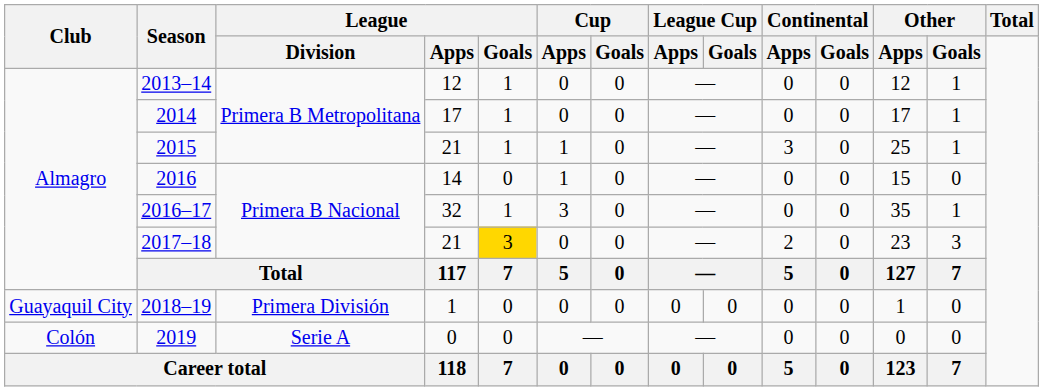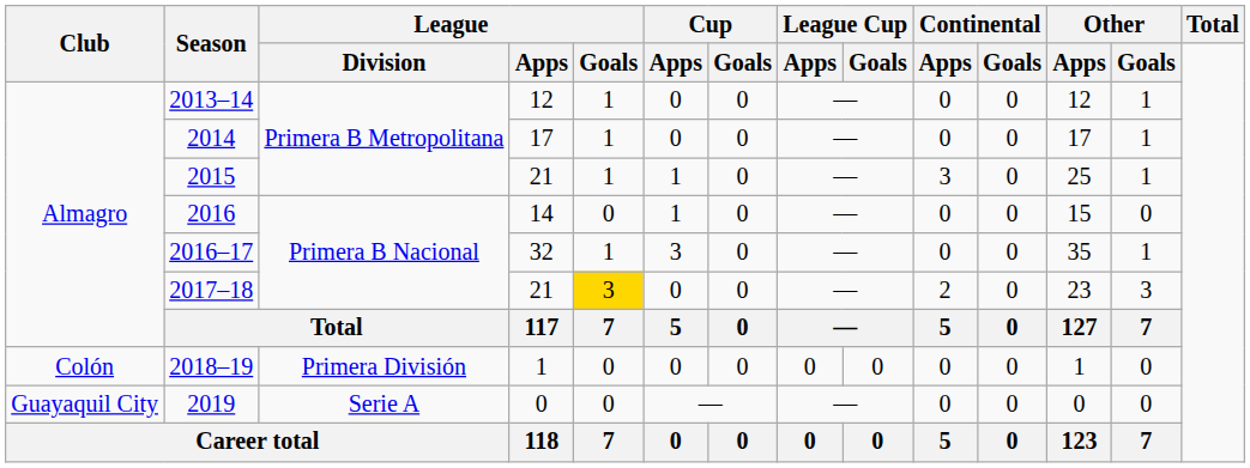 <table class="wikitable" style="text-align:center">
 <tr>
 <th rowspan="2">Club</th>
 <th rowspan="2">Season</th>
 <th colspan="3">League</th>
 <th colspan="2">Cup</th>
 <th colspan="2">League Cup</th>
 <th colspan="2">Continental</th>
 <th colspan="2">Other</th>
 <th colspan="2">Total</th>
 </tr>
 <tr>
 <th>Division</th>
 <th>Apps</th>
 <th>Goals</th>
 <th>Apps</th>
 <th>Goals</th>
 <th>Apps</th>
 <th>Goals</th>
 <th>Apps</th>
 <th>Goals</th>
 <th>Apps</th>
 <th>Goals</th>
 </tr>
 <tr>
 <td rowspan="7"><a href='#'>Almagro</a></td>
 <td><a href='#'>2013–14</a></td>
 <td rowspan="3"><a href='#'>Primera B Metropolitana</a></td>
 <td>12</td>
 <td>1</td>
 <td>0</td>
 <td>0</td>
 <td colspan="2">—</td>
 <td>0</td>
 <td>0</td>
 <td>12</td>
 <td>1</td>
 </tr>
 <tr>
 <td><a href='#'>2014</a></td>
 <td>17</td>
 <td>1</td>
 <td>0</td>
 <td>0</td>
 <td colspan="2">—</td>
 <td>0</td>
 <td>0</td>
 <td>17</td>
 <td>1</td>
 </tr>
 <tr>
 <td><a href='#'>2015</a></td>
 <td>21</td>
 <td>1</td>
 <td>1</td>
 <td>0</td>
 <td colspan="2">—</td>
 <td>3</td>
 <td>0</td>
 <td>25</td>
 <td>1</td>
 </tr>
 <tr>
 <td><a href='#'>2016</a></td>
 <td rowspan="3"><a href='#'>Primera B Nacional</a></td>
 <td>14</td>
 <td>0</td>
 <td>1</td>
 <td>0</td>
 <td colspan="2">—</td>
 <td>0</td>
 <td>0</td>
 <td>15</td>
 <td>0</td>
 </tr>
 <tr>
 <td><a href='#'>2016–17</a></td>
 <td>32</td>
 <td>1</td>
 <td>3</td>
 <td>0</td>
 <td colspan="2">—</td>
 <td>0</td>
 <td>0</td>
 <td>35</td>
 <td>1</td>
 </tr>
 <tr>
 <td><a href='#'>2017–18</a></td>
 <td>21</td>
 <td style="background: gold;">3</td>
 <td>0</td>
 <td>0</td>
 <td colspan="2">—</td>
 <td>2</td>
 <td>0</td>
 <td>23</td>
 <td>3</td>
 </tr>
 <tr>
 <th colspan="2">Total</th>
 <th>117</th>
 <th>7</th>
 <th>5</th>
 <th>0</th>
 <th colspan="2">—</th>
 <th>5</th>
 <th>0</th>
 <th>127</th>
 <th>7</th>
 </tr>
 <tr>
-<td rowspan="1"><a href='#'>Guayaquil City</a></td>
+<td rowspan="1"><a href='#'>Colón</a></td>
 <td><a href='#'>2018–19</a></td>
 <td rowspan="1"><a href='#'>Primera División</a></td>
 <td>1</td>
 <td>0</td>
 <td>0</td>
 <td>0</td>
 <td>0</td>
 <td>0</td>
 <td>0</td>
 <td>0</td>
 <td>1</td>
 <td>0</td>
 </tr>
 <tr>
-<td rowspan="1"><a href='#'>Colón</a></td>
+<td rowspan="1"><a href='#'>Guayaquil City</a></td>
 <td><a href='#'>2019</a></td>
 <td rowspan="1"><a href='#'>Serie A</a></td>
 <td>0</td>
 <td>0</td>
 <td colspan="2">—</td>
 <td colspan="2">—</td>
 <td>0</td>
 <td>0</td>
 <td>0</td>
 <td>0</td>
 </tr>
 <tr>
 <th colspan="3">Career total</th>
 <th>118</th>
 <th>7</th>
 <th>0</th>
 <th>0</th>
 <th>0</th>
 <th>0</th>
 <th>5</th>
 <th>0</th>
 <th>123</th>
 <th>7</th>
 </tr>
 </table>
